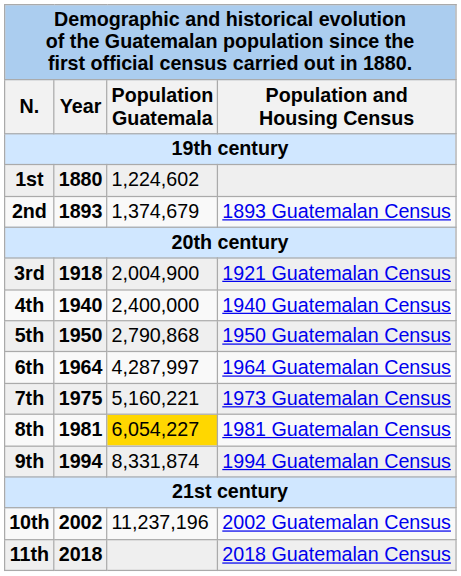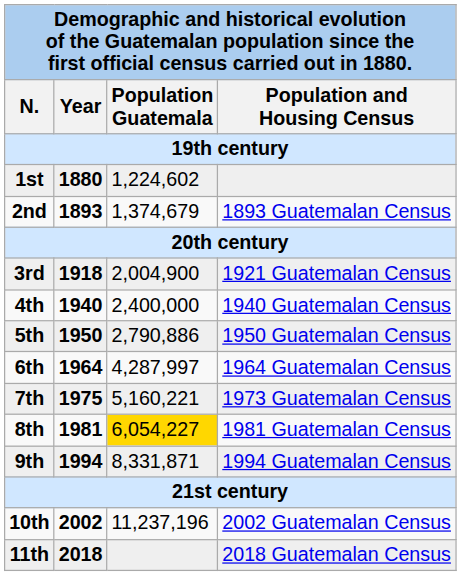 <table class="wikitable">
 <tr>
 <th colspan= "4" style="text-align:center; background:#abcdef;">Demographic and historical evolution <br>of the Guatemalan population since the <br> first official census carried out in 1880.</th>
 </tr>
 <tr>
 <th>N.</th>
 <th>Year</th>
 <th>Population<br>Guatemala</th>
 <th>Population and <br> Housing Census</th>
 </tr>
 <tr align="center">
 <td colspan="4" style="background:#D0E7FF"><strong>19th century</strong></td>
 </tr>
 <tr align="center" style="background:#efefef; color:black">
 <td><strong>1st</strong></td>
 <td><strong>1880</strong></td>
 <td align="left">  1,224,602</td>
 <td></td>
 </tr>
 <tr align="center">
 <td><strong>2nd</strong></td>
 <td><strong>1893</strong></td>
 <td align="left"> 1,374,679</td>
 <td><a href='#'>1893 Guatemalan Census</a></td>
 </tr>
 <tr align="center">
 <td colspan="4" style="background:#D0E7FF"><strong>20th century</strong></td>
 </tr>
 <tr align="center" style="background:#efefef; color:black">
 <td><strong>3rd</strong></td>
 <td><strong>1918</strong></td>
 <td align="left"> 2,004,900</td>
 <td><a href='#'>1921 Guatemalan Census</a></td>
 </tr>
 <tr align="center">
 <td><strong>4th</strong></td>
 <td><strong>1940</strong></td>
 <td align="left">  2,400,000</td>
 <td><a href='#'>1940 Guatemalan Census</a></td>
 </tr>
 <tr align="center" style="background:#efefef; color:black">
 <td><strong>5th</strong></td>
 <td><strong>1950</strong></td>
-<td align="left"> 2,790,868</td>
+<td align="left"> 2,790,886</td>
 <td><a href='#'>1950 Guatemalan Census</a></td>
 </tr>
 <tr align="center">
 <td><strong>6th</strong></td>
 <td><strong>1964</strong></td>
 <td align="left">  4,287,997</td>
 <td><a href='#'>1964 Guatemalan Census</a></td>
 </tr>
 <tr align="center" style="background:#efefef; color:black">
 <td><strong>7th</strong></td>
 <td><strong>1975</strong></td>
 <td align="left"> 5,160,221</td>
 <td><a href='#'>1973 Guatemalan Census</a></td>
 </tr>
 <tr align="center">
 <td><strong>8th</strong></td>
 <td><strong>1981</strong></td>
 <td align="left" style="background: gold;">  6,054,227</td>
 <td><a href='#'>1981 Guatemalan Census</a></td>
 </tr>
 <tr align="center" style="background:#efefef; color:black">
 <td><strong>9th</strong></td>
 <td><strong>1994</strong></td>
-<td align="left">  8,331,874</td>
+<td align="left">  8,331,871</td>
 <td><a href='#'>1994 Guatemalan Census</a></td>
 </tr>
 <tr align="center">
 <td colspan="4" style="background:#D0E7FF"><strong>21st century</strong></td>
 </tr>
 <tr align="center">
 <td><strong>10th</strong></td>
 <td><strong>2002</strong></td>
 <td align="left">  11,237,196</td>
 <td><a href='#'>2002 Guatemalan Census</a></td>
 </tr>
 <tr align="center" style="background:#efefef; color:black">
 <td><strong>11th</strong></td>
 <td><strong>2018</strong></td>
 <td align="left"></td>
 <td><a href='#'>2018 Guatemalan Census</a></td>
 </tr>
 </table>
